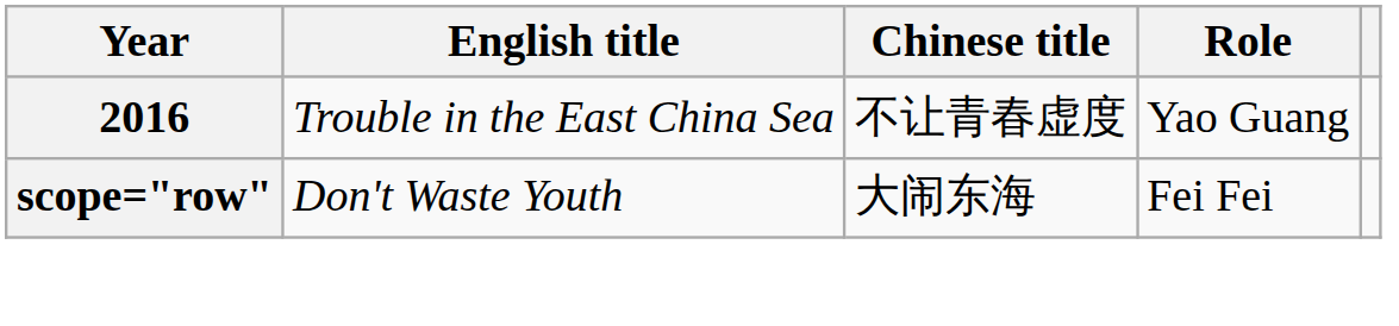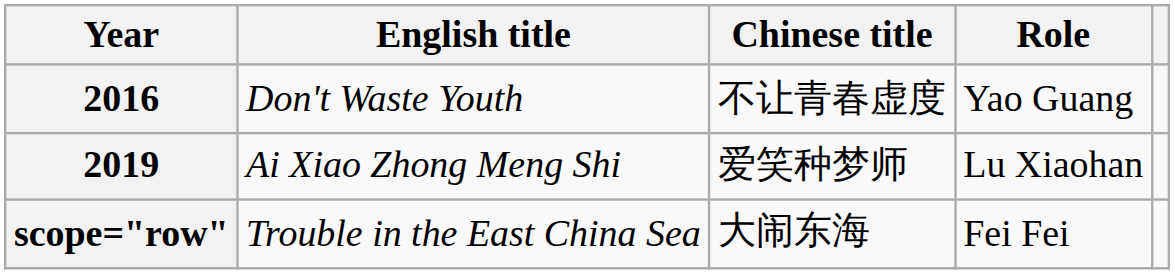 <table class="wikitable plainrowheaders">
 <tr>
 <th scope="col">Year</th>
 <th scope="col">English title</th>
 <th scope="col">Chinese title</th>
 <th scope="col">Role</th>
 <th scope="col" class="unsortable"></th>
 </tr>
 <tr>
 <th scope="row">2016</th>
-<td><em>Trouble in the East China Sea</em></td>
+<td><em>Don't Waste Youth</em></td>
 <td>不让青春虚度</td>
 <td>Yao Guang</td>
 <td></td>
 </tr>
 <tr>
+<th scope="row">2019</th>
+<td><em>Ai Xiao Zhong Meng Shi</em></td>
+<td>爱笑种梦师</td>
+<td>Lu Xiaohan</td>
+<td></td>
+</tr>
+<tr>
 <th>scope="row" </th>
-<td><em>Don't Waste Youth</em></td>
+<td><em>Trouble in the East China Sea</em></td>
 <td>大闹东海</td>
 <td>Fei Fei</td>
 <td></td>
 </tr>
 </table>
